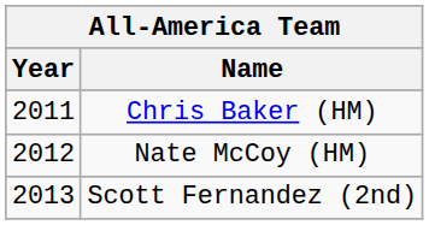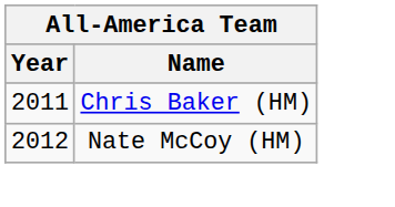 <table class="wikitable">
 <tr>
 <th colspan="2">All-America Team</th>
 </tr>
 <tr>
 <th scope="col">Year</th>
 <th scope="col">Name</th>
 </tr>
 <tr>
 <td>2011</td>
 <td style="text-align: center;"><a href='#'>Chris Baker</a> (HM)</td>
 </tr>
 <tr>
 <td>2012</td>
 <td style="text-align: center;">Nate McCoy (HM)</td>
 </tr>
-<tr>
-<td>2013</td>
-<td style="text-align: center;">Scott Fernandez (2nd)</td>
-</tr>
 </table>
